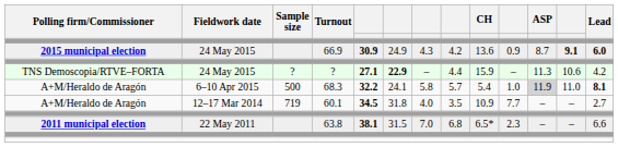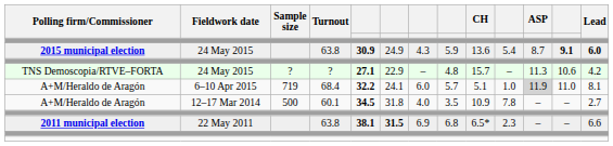 <table class="wikitable collapsible collapsed" style="text-align:center; font-size:95%; line-height:16px;">
 <tr style="height:42px;">
 <th style="width:250px;" rowspan="2">Polling firm/Commissioner</th>
 <th style="width:125px;" rowspan="2">Fieldwork date</th>
 <th style="width:50px;" rowspan="2">Sample size</th>
 <th style="width:45px;" rowspan="2">Turnout</th>
 <th style="width:35px;"></th>
 <th style="width:35px;"></th>
 <th style="width:35px;"></th>
 <th style="width:35px;"></th>
 <th style="width:35px;">CH</th>
 <th style="width:35px;"></th>
 <th style="width:35px;">ASP</th>
 <th style="width:35px;"></th>
 <th style="width:30px;" rowspan="2">Lead</th>
 </tr>
 <tr>
 <th style="color:inherit;background:"></th>
 <th style="color:inherit;background:"></th>
 <th style="color:inherit;background:"></th>
 <th style="color:inherit;background:"></th>
 <th style="color:inherit;background:"></th>
 <th style="color:inherit;background:"></th>
 <th style="color:inherit;background:"></th>
 <th style="color:inherit;background:"></th>
 </tr>
 <tr>
 <td colspan="13" style="background:#A0A0A0"></td>
 </tr>
 <tr style="background:#EFEFEF;">
 <td><strong><a href='#'>2015 municipal election</a></strong></td>
 <td>24 May 2015</td>
 <td></td>
-<td>66.9</td>
+<td>63.8</td>
 <td><strong>30.9</strong><br></td>
 <td>24.9<br></td>
 <td>4.3<br></td>
-<td>4.2<br></td>
+<td>5.9<br></td>
 <td>13.6<br></td>
-<td>0.9<br></td>
+<td>5.4<br></td>
 <td>8.7<br></td>
 <td><strong>9.1<br></strong></td>
 <td style="background:"><strong>6.0</strong></td>
 </tr>
 <tr>
 <td colspan="13" style="background:#A0A0A0"></td>
 </tr>
 <tr style="background:#EAFFEA;">
 <td>TNS Demoscopia/RTVE–FORTA</td>
 <td>24 May 2015</td>
 <td>?</td>
 <td>?</td>
 <td><strong>27.1</strong><br></td>
-<td><strong>22.9<br></strong></td>
+<td>22.9<br></td>
 <td>–</td>
-<td>4.4<br></td>
-<td>15.9<br></td>
+<td>4.8<br></td>
+<td>15.7<br></td>
 <td>–</td>
 <td>11.3<br></td>
 <td>10.6<br></td>
 <td style="background:">4.2</td>
 </tr>
 <tr>
 <td>A+M/Heraldo de Aragón</td>
 <td>6–10 Apr 2015</td>
-<td>500</td>
-<td>68.3</td>
+<td>719</td>
+<td>68.4</td>
 <td><strong>32.2</strong><br></td>
 <td>24.1<br></td>
-<td>5.8<br></td>
+<td>6.0<br></td>
 <td>5.7<br></td>
-<td>5.4<br></td>
+<td>5.1<br></td>
 <td>1.0<br></td>
 <td style="background: lightgrey;">11.9<br></td>
 <td>11.0<br></td>
-<td style="background:"><strong>8.1</strong></td>
+<td style="background:">8.1</td>
 </tr>
 <tr>
 <td>A+M/Heraldo de Aragón</td>
 <td>12–17 Mar 2014</td>
-<td>719</td>
+<td>500</td>
 <td>60.1</td>
 <td><strong>34.5</strong><br></td>
 <td>31.8<br></td>
 <td>4.0<br></td>
 <td>3.5<br></td>
 <td>10.9<br></td>
-<td>7.7<br></td>
+<td>7.8<br></td>
 <td>–</td>
 <td>–</td>
 <td style="background:">2.7</td>
 </tr>
 <tr>
 <td colspan="13" style="background:#A0A0A0"></td>
 </tr>
 <tr style="background:#EFEFEF;">
 <td><strong><a href='#'>2011 municipal election</a></strong></td>
 <td>22 May 2011</td>
 <td></td>
 <td>63.8</td>
 <td><strong>38.1</strong><br></td>
-<td>31.5<br></td>
-<td>7.0<br></td>
+<td><strong>31.5<br></strong></td>
+<td>6.9<br></td>
 <td>6.8<br></td>
 <td>6.5*<br></td>
 <td>2.3<br></td>
 <td>–</td>
 <td>–</td>
 <td style="background:">6.6</td>
 </tr>
 <tr>
 <td colspan="13" style="background:#A0A0A0"></td>
 </tr>
 <tr>
 <td align="left" colspan="13"></td>
 </tr>
 </table>
